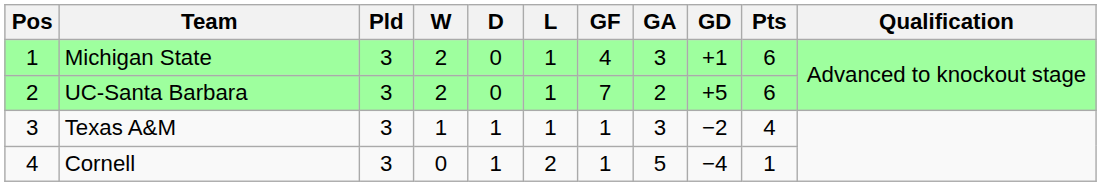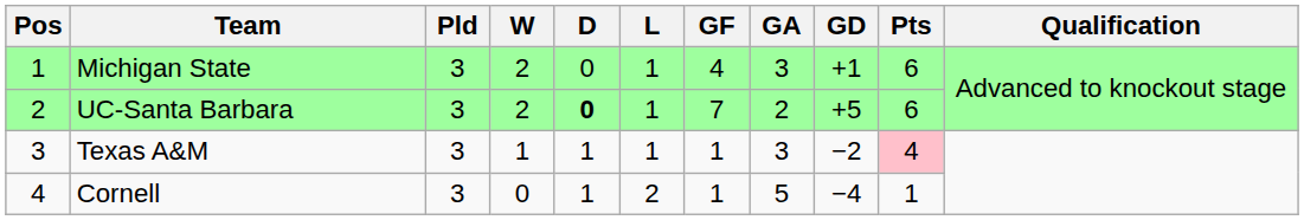 <table class="wikitable" style="text-align:center; margin: 1em auto">
 <tr>
 <th style="width:2em">Pos</th>
 <th style="width:13em">Team</th>
 <th style="width:2em">Pld</th>
 <th style="width:2em">W</th>
 <th style="width:2em">D</th>
 <th style="width:2em">L</th>
 <th style="width:2em">GF</th>
 <th style="width:2em">GA</th>
 <th style="width:2em">GD</th>
 <th style="width:2em">Pts</th>
 <th style="width:13em">Qualification</th>
 </tr>
 <tr bgcolor="#9eff9e">
 <td>1</td>
 <td style="text-align:left">Michigan State</td>
 <td>3</td>
 <td>2</td>
 <td>0</td>
 <td>1</td>
 <td>4</td>
 <td>3</td>
 <td>+1</td>
 <td>6</td>
 <td rowspan="2">Advanced to knockout stage</td>
 </tr>
 <tr bgcolor="#9eff9e">
 <td>2</td>
 <td style="text-align:left">UC-Santa Barbara</td>
 <td>3</td>
 <td>2</td>
-<td>0</td>
+<td><strong>0</strong></td>
 <td>1</td>
 <td>7</td>
 <td>2</td>
 <td>+5</td>
 <td>6</td>
 </tr>
 <tr>
 <td>3</td>
 <td style="text-align:left">Texas A&M</td>
 <td>3</td>
 <td>1</td>
 <td>1</td>
 <td>1</td>
 <td>1</td>
 <td>3</td>
 <td>−2</td>
-<td>4</td>
+<td style="background: pink;">4</td>
 </tr>
 <tr>
 <td>4</td>
 <td style="text-align:left">Cornell</td>
 <td>3</td>
 <td>0</td>
 <td>1</td>
 <td>2</td>
 <td>1</td>
 <td>5</td>
 <td>−4</td>
 <td>1</td>
 </tr>
 </table>
